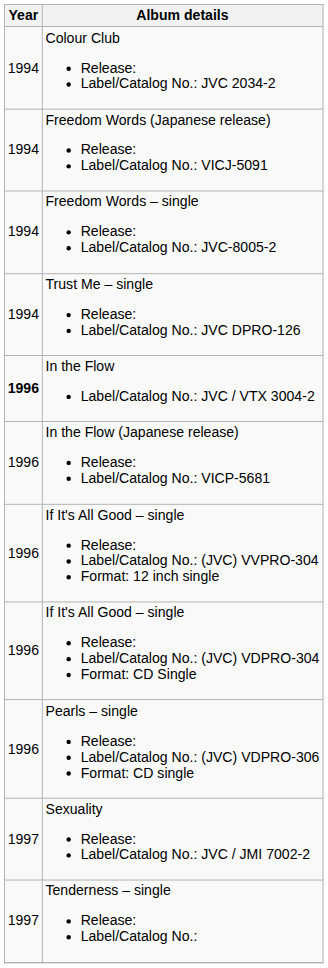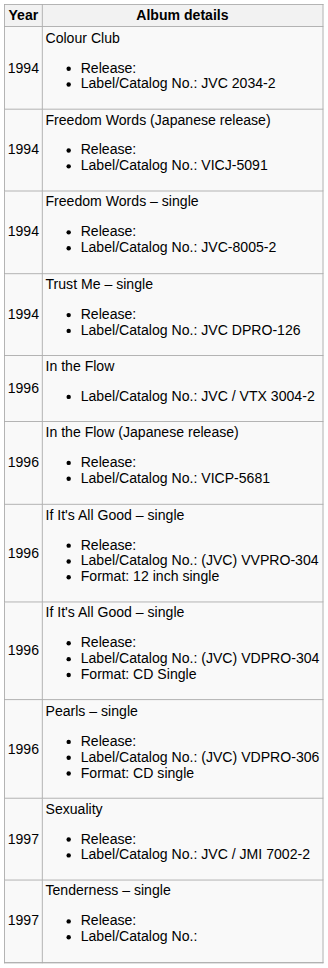 <table class="wikitable">
 <tr>
 <th>Year</th>
 <th>Album details</th>
 </tr>
 <tr>
 <td>1994</td>
 <td>Colour Club<br><ul><li>Release:</li><li>Label/Catalog No.: JVC 2034-2</li></ul></td>
 </tr>
 <tr>
 <td>1994</td>
 <td>Freedom Words (Japanese release)<br><ul><li>Release:</li><li>Label/Catalog No.: VICJ-5091</li></ul></td>
 </tr>
 <tr>
 <td>1994</td>
 <td>Freedom Words – single<br><ul><li>Release:</li><li>Label/Catalog No.: JVC-8005-2</li></ul></td>
 </tr>
 <tr>
 <td>1994</td>
 <td>Trust Me – single<br><ul><li>Release:</li><li>Label/Catalog No.: JVC DPRO-126</li></ul></td>
 </tr>
 <tr>
-<td><strong>1996</strong></td>
+<td>1996</td>
 <td>In the Flow<br><ul><li>Label/Catalog No.: JVC / VTX 3004-2</li></ul></td>
 </tr>
 <tr>
 <td>1996</td>
 <td>In the Flow (Japanese release)<br><ul><li>Release:</li><li>Label/Catalog No.: VICP-5681</li></ul></td>
 </tr>
 <tr>
 <td>1996</td>
 <td>If It's All Good – single<br><ul><li>Release:</li><li>Label/Catalog No.: (JVC) VVPRO-304</li><li>Format: 12 inch single</li></ul></td>
 </tr>
 <tr>
 <td>1996</td>
 <td>If It's All Good – single<br><ul><li>Release:</li><li>Label/Catalog No.: (JVC) VDPRO-304</li><li>Format: CD Single</li></ul></td>
 </tr>
 <tr>
 <td>1996</td>
 <td>Pearls – single<br><ul><li>Release:</li><li>Label/Catalog No.: (JVC) VDPRO-306</li><li>Format: CD single</li></ul></td>
 </tr>
 <tr>
 <td>1997</td>
 <td>Sexuality<br><ul><li>Release:</li><li>Label/Catalog No.: JVC / JMI 7002-2</li></ul></td>
 </tr>
 <tr>
 <td>1997</td>
 <td>Tenderness – single<br><ul><li>Release:</li><li>Label/Catalog No.:</li></ul></td>
 </tr>
 <tr>
 </tr>
 </table>
